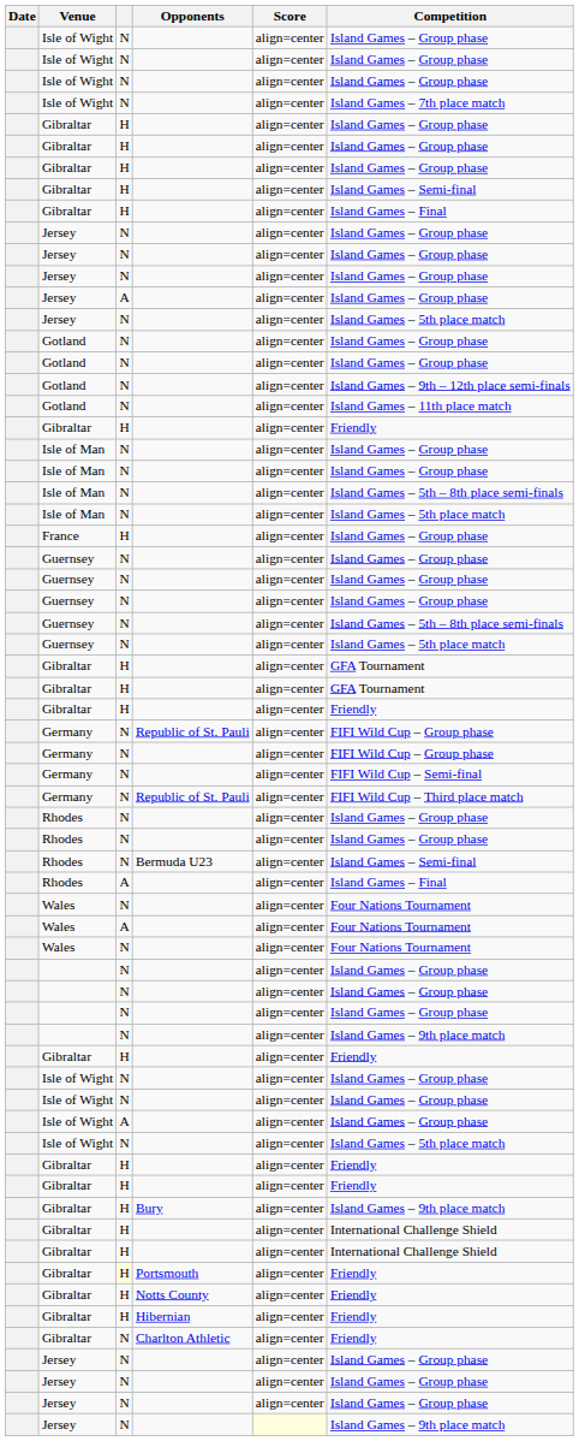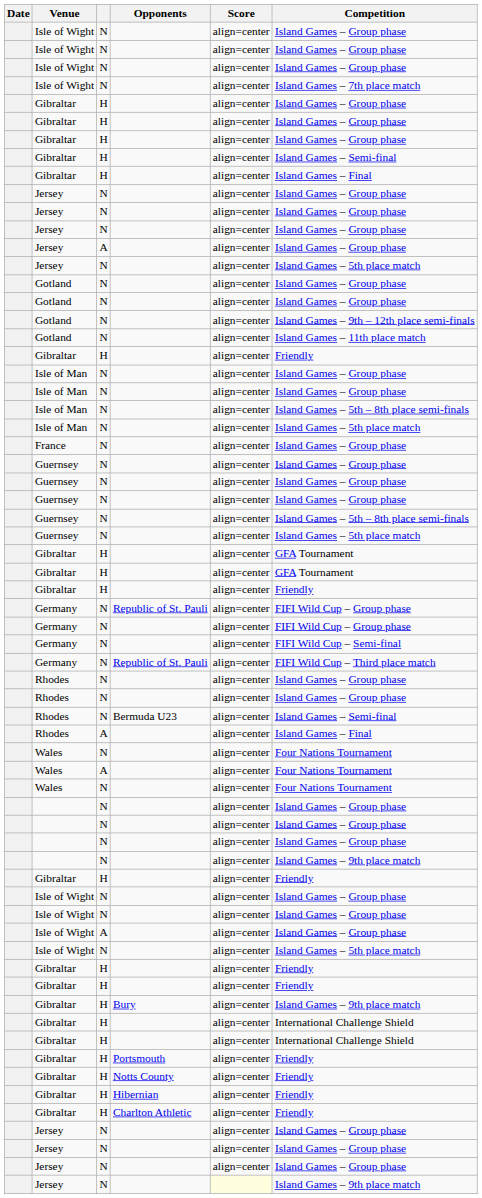 <table class="wikitable plainrowheaders sortable">
 <tr>
 <th scope=col>Date</th>
 <th scope=col>Venue</th>
 <th scope=col></th>
 <th scope=col>Opponents</th>
 <th scope=col data-sort-type=number>Score</th>
 <th scope=col>Competition</th>
 </tr>
 <tr>
 <th scope=row></th>
 <td>Isle of Wight</td>
 <td align=center>N</td>
 <td></td>
 <td>align=center </td>
 <td><a href='#'>Island Games</a> – <a href='#'>Group phase</a></td>
 </tr>
 <tr>
 <th scope=row></th>
 <td>Isle of Wight</td>
 <td align=center>N</td>
 <td></td>
 <td>align=center </td>
 <td><a href='#'>Island Games</a> – <a href='#'>Group phase</a></td>
 </tr>
 <tr>
 <th scope=row></th>
 <td>Isle of Wight</td>
 <td align=center>N</td>
 <td></td>
 <td>align=center </td>
 <td><a href='#'>Island Games</a> – <a href='#'>Group phase</a></td>
 </tr>
 <tr>
 <th scope=row></th>
 <td>Isle of Wight</td>
 <td align=center>N</td>
 <td></td>
 <td>align=center </td>
 <td><a href='#'>Island Games</a> – <a href='#'>7th place match</a></td>
 </tr>
 <tr>
 <th scope=row></th>
 <td>Gibraltar</td>
 <td align=center>H</td>
 <td></td>
 <td>align=center </td>
 <td><a href='#'>Island Games</a> – <a href='#'>Group phase</a></td>
 </tr>
 <tr>
 <th scope=row></th>
 <td>Gibraltar</td>
 <td align=center>H</td>
 <td></td>
 <td>align=center </td>
 <td><a href='#'>Island Games</a> – <a href='#'>Group phase</a></td>
 </tr>
 <tr>
 <th scope=row></th>
 <td>Gibraltar</td>
 <td align=center>H</td>
 <td></td>
 <td>align=center </td>
 <td><a href='#'>Island Games</a> – <a href='#'>Group phase</a></td>
 </tr>
 <tr>
 <th scope=row></th>
 <td>Gibraltar</td>
 <td align=center>H</td>
 <td></td>
 <td>align=center </td>
 <td><a href='#'>Island Games</a> – <a href='#'>Semi-final</a></td>
 </tr>
 <tr>
 <th scope=row></th>
 <td>Gibraltar</td>
 <td align=center>H</td>
 <td></td>
 <td>align=center </td>
 <td><a href='#'>Island Games</a> – <a href='#'>Final</a></td>
 </tr>
 <tr>
 <th scope=row></th>
 <td>Jersey</td>
 <td align=center>N</td>
 <td></td>
 <td>align=center </td>
 <td><a href='#'>Island Games</a> – <a href='#'>Group phase</a></td>
 </tr>
 <tr>
 <th scope=row></th>
 <td>Jersey</td>
 <td align=center>N</td>
 <td></td>
 <td>align=center </td>
 <td><a href='#'>Island Games</a> – <a href='#'>Group phase</a></td>
 </tr>
 <tr>
 <th scope=row></th>
 <td>Jersey</td>
 <td align=center>N</td>
 <td></td>
 <td>align=center </td>
 <td><a href='#'>Island Games</a> – <a href='#'>Group phase</a></td>
 </tr>
 <tr>
 <th scope=row></th>
 <td>Jersey</td>
 <td align=center>A</td>
 <td></td>
 <td>align=center </td>
 <td><a href='#'>Island Games</a> – <a href='#'>Group phase</a></td>
 </tr>
 <tr>
 <th scope=row></th>
 <td>Jersey</td>
 <td align=center>N</td>
 <td></td>
 <td>align=center </td>
 <td><a href='#'>Island Games</a> – <a href='#'>5th place match</a></td>
 </tr>
 <tr>
 <th scope=row></th>
 <td>Gotland</td>
 <td align=center>N</td>
 <td></td>
 <td>align=center </td>
 <td><a href='#'>Island Games</a> – <a href='#'>Group phase</a></td>
 </tr>
 <tr>
 <th scope=row></th>
 <td>Gotland</td>
 <td align=center>N</td>
 <td></td>
 <td>align=center </td>
 <td><a href='#'>Island Games</a> – <a href='#'>Group phase</a></td>
 </tr>
 <tr>
 <th scope=row></th>
 <td>Gotland</td>
 <td align=center>N</td>
 <td></td>
 <td>align=center </td>
 <td><a href='#'>Island Games</a> – <a href='#'>9th – 12th place semi-finals</a></td>
 </tr>
 <tr>
 <th scope=row></th>
 <td>Gotland</td>
 <td align=center>N</td>
 <td></td>
 <td>align=center </td>
 <td><a href='#'>Island Games</a> – <a href='#'>11th place match</a></td>
 </tr>
 <tr>
 <th scope=row></th>
 <td>Gibraltar</td>
 <td align=center>H</td>
 <td></td>
 <td>align=center </td>
 <td><a href='#'>Friendly</a></td>
 </tr>
 <tr>
 <th scope=row></th>
 <td>Isle of Man</td>
 <td align=center>N</td>
 <td></td>
 <td>align=center </td>
 <td><a href='#'>Island Games</a> – <a href='#'>Group phase</a></td>
 </tr>
 <tr>
 <th scope=row></th>
 <td>Isle of Man</td>
 <td align=center>N</td>
 <td></td>
 <td>align=center </td>
 <td><a href='#'>Island Games</a> – <a href='#'>Group phase</a></td>
 </tr>
 <tr>
 <th scope=row></th>
 <td>Isle of Man</td>
 <td align=center>N</td>
 <td></td>
 <td>align=center </td>
 <td><a href='#'>Island Games</a> – <a href='#'>5th – 8th place semi-finals</a></td>
 </tr>
 <tr>
 <th scope=row></th>
 <td>Isle of Man</td>
 <td align=center>N</td>
 <td></td>
 <td>align=center </td>
 <td><a href='#'>Island Games</a> – <a href='#'>5th place match</a></td>
 </tr>
 <tr>
 <th scope=row></th>
 <td>France</td>
-<td align=center>H</td>
+<td align=center>N</td>
 <td></td>
 <td>align=center </td>
 <td><a href='#'>Island Games</a> – <a href='#'>Group phase</a></td>
 </tr>
 <tr>
 <th scope=row></th>
 <td>Guernsey</td>
 <td align=center>N</td>
 <td></td>
 <td>align=center </td>
 <td><a href='#'>Island Games</a> – <a href='#'>Group phase</a></td>
 </tr>
 <tr>
 <th scope=row></th>
 <td>Guernsey</td>
 <td align=center>N</td>
 <td></td>
 <td>align=center </td>
 <td><a href='#'>Island Games</a> – <a href='#'>Group phase</a></td>
 </tr>
 <tr>
 <th scope=row></th>
 <td>Guernsey</td>
 <td align=center>N</td>
 <td></td>
 <td>align=center </td>
 <td><a href='#'>Island Games</a> – <a href='#'>Group phase</a></td>
 </tr>
 <tr>
 <th scope=row></th>
 <td>Guernsey</td>
 <td align=center>N</td>
 <td></td>
 <td>align=center </td>
 <td><a href='#'>Island Games</a> – <a href='#'>5th – 8th place semi-finals</a></td>
 </tr>
 <tr>
 <th scope=row></th>
 <td>Guernsey</td>
 <td align=center>N</td>
 <td></td>
 <td>align=center </td>
 <td><a href='#'>Island Games</a> – <a href='#'>5th place match</a></td>
 </tr>
 <tr>
 <th scope=row></th>
 <td>Gibraltar</td>
 <td align=center>H</td>
 <td></td>
 <td>align=center </td>
 <td><a href='#'>GFA</a> Tournament</td>
 </tr>
 <tr>
 <th scope=row></th>
 <td>Gibraltar</td>
 <td align=center>H</td>
 <td></td>
 <td>align=center </td>
 <td><a href='#'>GFA</a> Tournament</td>
 </tr>
 <tr>
 <th scope=row></th>
 <td>Gibraltar</td>
 <td align=center>H</td>
 <td></td>
 <td>align=center </td>
 <td><a href='#'>Friendly</a></td>
 </tr>
 <tr>
 <th scope=row></th>
 <td>Germany</td>
 <td align=center>N</td>
 <td><a href='#'>Republic of St. Pauli</a></td>
 <td>align=center </td>
 <td><a href='#'>FIFI Wild Cup</a> – <a href='#'>Group phase</a></td>
 </tr>
 <tr>
 <th scope=row></th>
 <td>Germany</td>
 <td align=center>N</td>
 <td></td>
 <td>align=center </td>
 <td><a href='#'>FIFI Wild Cup</a> – <a href='#'>Group phase</a></td>
 </tr>
 <tr>
 <th scope=row></th>
 <td>Germany</td>
 <td align=center>N</td>
 <td></td>
 <td>align=center </td>
 <td><a href='#'>FIFI Wild Cup</a> – <a href='#'>Semi-final</a></td>
 </tr>
 <tr>
 <th scope=row></th>
 <td>Germany</td>
 <td align=center>N</td>
 <td><a href='#'>Republic of St. Pauli</a></td>
 <td>align=center </td>
 <td><a href='#'>FIFI Wild Cup</a> – <a href='#'>Third place match</a></td>
 </tr>
 <tr>
 <th scope=row></th>
 <td>Rhodes</td>
 <td align=center>N</td>
 <td></td>
 <td>align=center </td>
 <td><a href='#'>Island Games</a> – <a href='#'>Group phase</a></td>
 </tr>
 <tr>
 <th scope=row></th>
 <td>Rhodes</td>
 <td align=center>N</td>
 <td></td>
 <td>align=center </td>
 <td><a href='#'>Island Games</a> – <a href='#'>Group phase</a></td>
 </tr>
 <tr>
 <th scope=row></th>
 <td>Rhodes</td>
 <td align=center>N</td>
 <td> Bermuda U23</td>
 <td>align=center </td>
 <td><a href='#'>Island Games</a> – <a href='#'>Semi-final</a></td>
 </tr>
 <tr>
 <th scope=row></th>
 <td>Rhodes</td>
 <td align=center>A</td>
 <td></td>
 <td>align=center </td>
 <td><a href='#'>Island Games</a> – <a href='#'>Final</a></td>
 </tr>
 <tr>
 <th scope=row></th>
 <td>Wales</td>
 <td align=center>N</td>
 <td></td>
 <td>align=center </td>
 <td><a href='#'>Four Nations Tournament</a></td>
 </tr>
 <tr>
 <th scope=row></th>
 <td>Wales</td>
 <td align=center>A</td>
 <td></td>
 <td>align=center </td>
 <td><a href='#'>Four Nations Tournament</a></td>
 </tr>
 <tr>
 <th scope=row></th>
 <td>Wales</td>
 <td align=center>N</td>
 <td></td>
 <td>align=center </td>
 <td><a href='#'>Four Nations Tournament</a></td>
 </tr>
 <tr>
 <th scope=row></th>
 <td></td>
 <td align=center>N</td>
 <td></td>
 <td>align=center </td>
 <td><a href='#'>Island Games</a> – <a href='#'>Group phase</a></td>
 </tr>
 <tr>
 <th scope=row></th>
 <td></td>
 <td align=center>N</td>
 <td></td>
 <td>align=center </td>
 <td><a href='#'>Island Games</a> – <a href='#'>Group phase</a></td>
 </tr>
 <tr>
 <th scope=row></th>
 <td></td>
 <td align=center>N</td>
 <td></td>
 <td>align=center </td>
 <td><a href='#'>Island Games</a> – <a href='#'>Group phase</a></td>
 </tr>
 <tr>
 <th scope=row></th>
 <td></td>
 <td align=center>N</td>
 <td></td>
 <td>align=center </td>
 <td><a href='#'>Island Games</a> – <a href='#'>9th place match</a></td>
 </tr>
 <tr>
 <th scope=row></th>
 <td>Gibraltar</td>
 <td align=center>H</td>
 <td></td>
 <td>align=center </td>
 <td><a href='#'>Friendly</a></td>
 </tr>
 <tr>
 <th scope=row></th>
 <td>Isle of Wight</td>
 <td align=center>N</td>
 <td></td>
 <td>align=center </td>
 <td><a href='#'>Island Games</a> – <a href='#'>Group phase</a></td>
 </tr>
 <tr>
 <th scope=row></th>
 <td>Isle of Wight</td>
 <td align=center>N</td>
 <td></td>
 <td>align=center </td>
 <td><a href='#'>Island Games</a> – <a href='#'>Group phase</a></td>
 </tr>
 <tr>
 <th scope=row></th>
 <td>Isle of Wight</td>
 <td align=center>A</td>
 <td></td>
 <td>align=center </td>
 <td><a href='#'>Island Games</a> – <a href='#'>Group phase</a></td>
 </tr>
 <tr>
 <th scope=row></th>
 <td>Isle of Wight</td>
 <td align=center>N</td>
 <td></td>
 <td>align=center </td>
 <td><a href='#'>Island Games</a> – <a href='#'>5th place match</a></td>
 </tr>
 <tr>
 <th scope=row></th>
 <td>Gibraltar</td>
 <td align=center>H</td>
 <td> </td>
 <td>align=center </td>
 <td><a href='#'>Friendly</a></td>
 </tr>
 <tr>
 <th scope=row></th>
 <td>Gibraltar</td>
 <td align=center>H</td>
 <td></td>
 <td>align=center </td>
 <td><a href='#'>Friendly</a></td>
 </tr>
 <tr>
 <th scope=row></th>
 <td>Gibraltar</td>
 <td align=center>H</td>
 <td> <a href='#'>Bury</a></td>
 <td>align=center </td>
 <td><a href='#'>Island Games</a> – <a href='#'>9th place match</a></td>
 </tr>
 <tr>
 <th scope=row></th>
 <td>Gibraltar</td>
 <td align=center>H</td>
 <td></td>
 <td>align=center </td>
 <td>International Challenge Shield</td>
 </tr>
 <tr>
 <th scope=row></th>
 <td>Gibraltar</td>
 <td align=center>H</td>
 <td></td>
 <td>align=center </td>
 <td>International Challenge Shield</td>
 </tr>
 <tr>
 <th scope=row></th>
 <td>Gibraltar</td>
-<td align=center style="background: lightyellow;">H</td>
+<td align=center>H</td>
 <td> <a href='#'>Portsmouth</a></td>
 <td>align=center </td>
 <td><a href='#'>Friendly</a></td>
 </tr>
 <tr>
 <th scope=row></th>
 <td>Gibraltar</td>
 <td align=center>H</td>
 <td> <a href='#'>Notts County</a></td>
 <td>align=center </td>
 <td><a href='#'>Friendly</a></td>
 </tr>
 <tr>
 <th scope=row></th>
 <td>Gibraltar</td>
 <td align=center>H</td>
 <td> <a href='#'>Hibernian</a></td>
 <td>align=center </td>
 <td><a href='#'>Friendly</a></td>
 </tr>
 <tr>
 <th scope=row></th>
 <td>Gibraltar</td>
-<td align=center>N</td>
+<td align=center>H</td>
 <td> <a href='#'>Charlton Athletic</a></td>
 <td>align=center </td>
 <td><a href='#'>Friendly</a></td>
 </tr>
 <tr>
 <th scope=row></th>
 <td>Jersey</td>
 <td align=center>N</td>
 <td></td>
 <td>align=center </td>
 <td><a href='#'>Island Games</a> – <a href='#'>Group phase</a></td>
 </tr>
 <tr>
 <th scope=row></th>
 <td>Jersey</td>
 <td align=center>N</td>
 <td></td>
 <td>align=center </td>
 <td><a href='#'>Island Games</a> – <a href='#'>Group phase</a></td>
 </tr>
 <tr>
 <th scope=row></th>
 <td>Jersey</td>
 <td align=center>N</td>
 <td></td>
 <td>align=center </td>
 <td><a href='#'>Island Games</a> – <a href='#'>Group phase</a></td>
 </tr>
 <tr>
 <th scope=row></th>
 <td>Jersey</td>
 <td align=center>N</td>
 <td></td>
 <td align=center style="background:#ffd;"></td>
 <td><a href='#'>Island Games</a> – <a href='#'>9th place match</a></td>
 </tr>
 </table>
